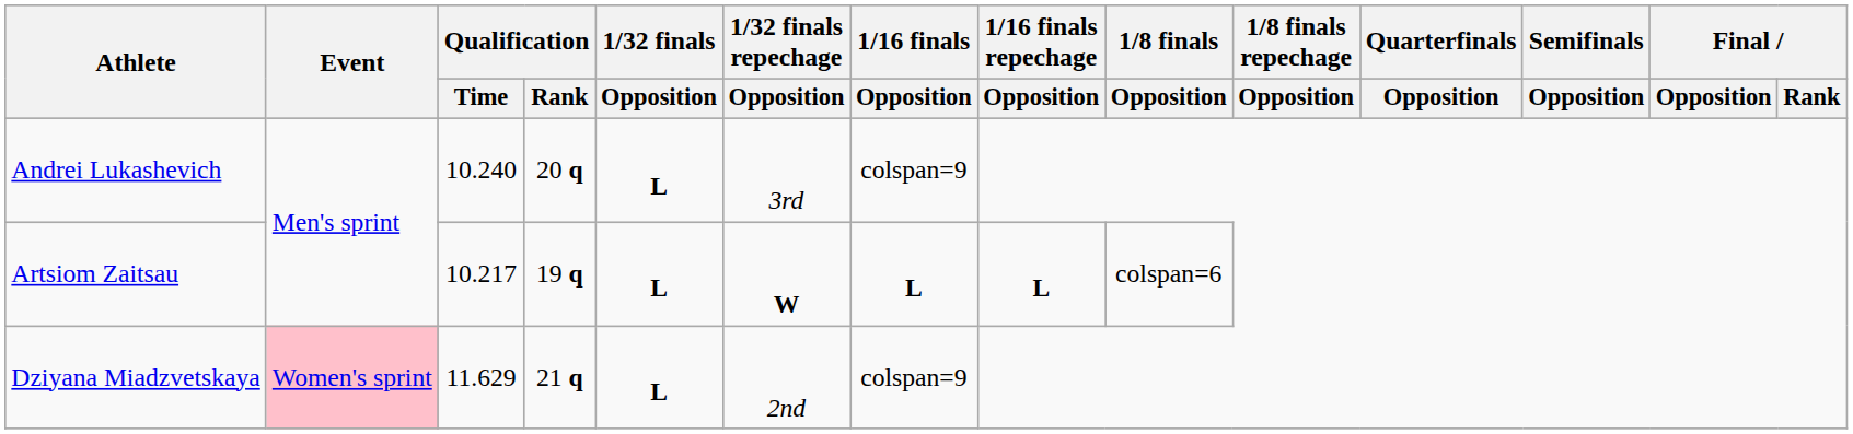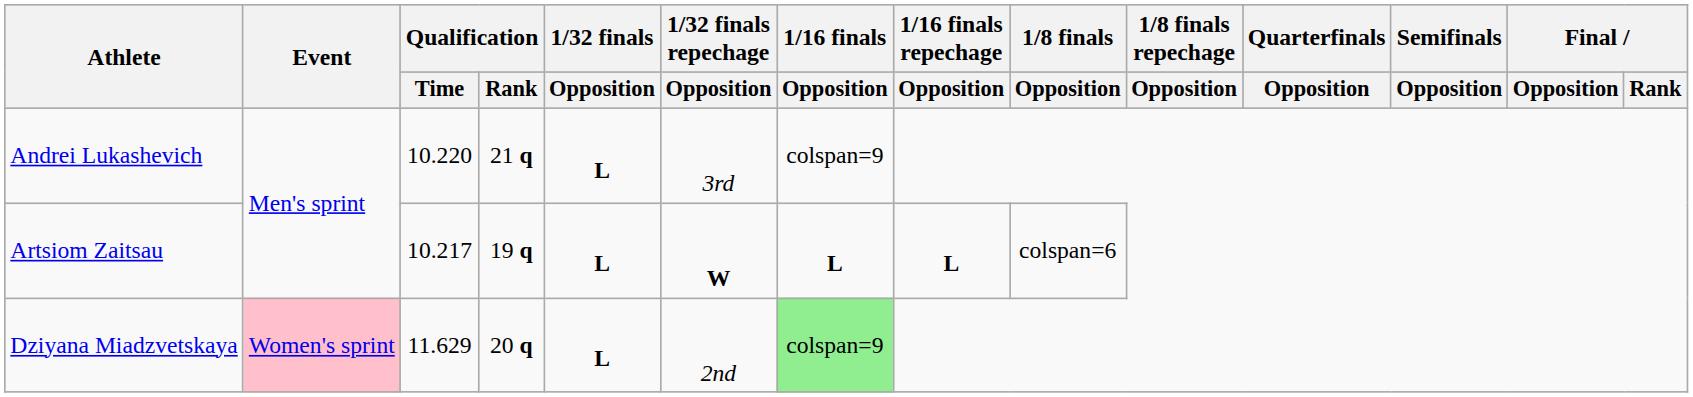 <table class="wikitable" style="text-align:center; font-size:90%">
 <tr>
 <th rowspan=2>Athlete</th>
 <th rowspan=2>Event</th>
 <th colspan=2>Qualification</th>
 <th>1/32 finals</th>
 <th>1/32 finals<br>repechage</th>
 <th>1/16 finals</th>
 <th>1/16 finals<br>repechage</th>
 <th>1/8 finals</th>
 <th>1/8 finals<br>repechage</th>
 <th>Quarterfinals</th>
 <th>Semifinals</th>
 <th colspan=2>Final / </th>
 </tr>
 <tr style="font-size:95%">
 <th>Time</th>
 <th>Rank</th>
 <th>Opposition</th>
 <th>Opposition</th>
 <th>Opposition</th>
 <th>Opposition</th>
 <th>Opposition</th>
 <th>Opposition</th>
 <th>Opposition</th>
 <th>Opposition</th>
 <th>Opposition</th>
 <th>Rank</th>
 </tr>
 <tr>
 <td align=left><a href='#'>Andrei Lukashevich</a></td>
 <td align=left rowspan=2><a href='#'>Men's sprint</a></td>
-<td>10.240</td>
-<td>20 <strong>q</strong></td>
+<td>10.220</td>
+<td>21 <strong>q</strong></td>
 <td><br><strong>L</strong></td>
 <td><br><br><em>3rd</em></td>
 <td>colspan=9 </td>
 </tr>
 <tr>
 <td align=left><a href='#'>Artsiom Zaitsau</a></td>
 <td>10.217</td>
 <td>19 <strong>q</strong></td>
 <td><br><strong>L</strong></td>
 <td><br><br><strong>W</strong></td>
 <td><br><strong>L</strong></td>
 <td><br><strong>L</strong></td>
 <td>colspan=6 </td>
 </tr>
 <tr>
 <td align=left><a href='#'>Dziyana Miadzvetskaya</a></td>
 <td align=left style="background: pink;"><a href='#'>Women's sprint</a></td>
 <td>11.629</td>
-<td>21 <strong>q</strong></td>
+<td>20 <strong>q</strong></td>
 <td><br><strong>L</strong></td>
 <td><br><br><em>2nd</em></td>
-<td>colspan=9 </td>
+<td style="background: lightgreen;">colspan=9 </td>
 </tr>
 </table>
